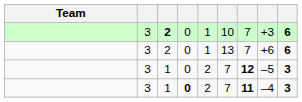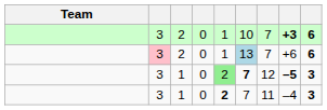 <table class="wikitable" style="text-align: center;">
 <tr>
 <th width="175">Team</th>
 <th width="20"></th>
 <th width="20"></th>
 <th width="20"></th>
 <th width="20"></th>
 <th width="20"></th>
 <th width="20"></th>
 <th width="20"></th>
 <th width="20"></th>
 </tr>
 <tr style="background-color: #ccffcc;">
 <td align=left></td>
 <td>3</td>
-<td><strong>2</strong></td>
+<td>2</td>
 <td>0</td>
 <td>1</td>
 <td>10</td>
 <td>7</td>
-<td>+3</td>
+<td><strong>+3</strong></td>
 <td><strong>6</strong></td>
 </tr>
 <tr>
 <td align=left></td>
-<td>3</td>
+<td style="background: pink;">3</td>
 <td>2</td>
 <td>0</td>
 <td>1</td>
-<td>13</td>
+<td style="background: lightblue;">13</td>
 <td>7</td>
 <td>+6</td>
 <td><strong>6</strong></td>
 </tr>
 <tr>
 <td align=left></td>
 <td>3</td>
 <td>1</td>
 <td>0</td>
-<td>2</td>
-<td>7</td>
-<td><strong>12</strong></td>
-<td>–5</td>
+<td style="background: lightgreen;">2</td>
+<td><strong>7</strong></td>
+<td>12</td>
+<td><strong>–5</strong></td>
 <td><strong>3</strong></td>
 </tr>
 <tr>
 <td align=left></td>
 <td>3</td>
 <td>1</td>
-<td><strong>0</strong></td>
-<td>2</td>
+<td>0</td>
+<td><strong>2</strong></td>
 <td>7</td>
-<td><strong>11</strong></td>
+<td>11</td>
 <td>–4</td>
 <td><strong>3</strong></td>
 </tr>
 </table>
